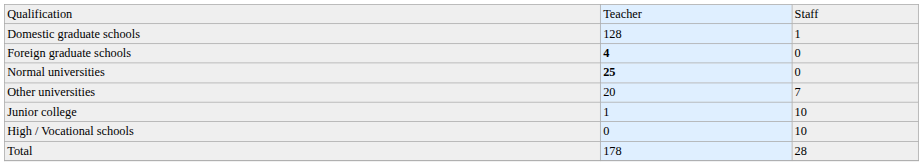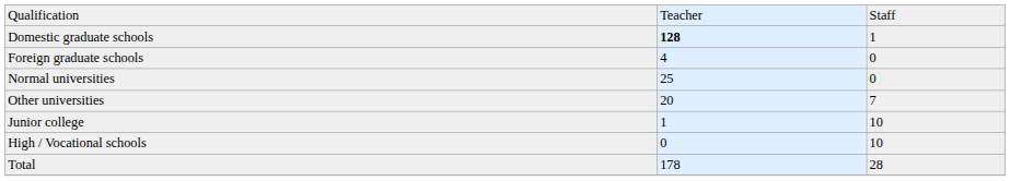 <table class="wikitable" width="75%">
 <tr ---->
 <td bgcolor="#efefef">Qualification</td>
 <td bgcolor="#dfefff">Teacher</td>
 <td bgcolor="#efefef">Staff</td>
 </tr>
 <tr ---->
 <td bgcolor="#efefef">Domestic graduate schools</td>
-<td bgcolor="#dfefff">128</td>
+<td bgcolor="#dfefff"><strong>128</strong></td>
 <td bgcolor="#efefef">1</td>
 </tr>
 <tr ---->
 <td bgcolor="#efefef">Foreign graduate schools</td>
-<td bgcolor="#dfefff"><strong>4</strong></td>
+<td bgcolor="#dfefff">4</td>
 <td bgcolor="#efefef">0</td>
 </tr>
 <tr ---->
 <td bgcolor="#efefef">Normal universities</td>
-<td bgcolor="#dfefff"><strong>25</strong></td>
+<td bgcolor="#dfefff">25</td>
 <td bgcolor="#efefef">0</td>
 </tr>
 <tr ---->
 <td bgcolor="#efefef">Other universities</td>
 <td bgcolor="#dfefff">20</td>
 <td bgcolor="#efefef">7</td>
 </tr>
 <tr ---->
 <td bgcolor="#efefef">Junior college</td>
 <td bgcolor="#dfefff">1</td>
 <td bgcolor="#efefef">10</td>
 </tr>
 <tr ---->
 <td bgcolor="#efefef">High / Vocational schools</td>
 <td bgcolor="#dfefff">0</td>
 <td bgcolor="#efefef">10</td>
 </tr>
 <tr ---->
 <td bgcolor="#efefef">Total</td>
 <td bgcolor="#dfefff">178</td>
 <td bgcolor="#efefef">28</td>
 </tr>
 <tr ---->
 </tr>
 </table>
